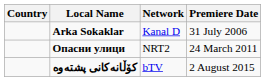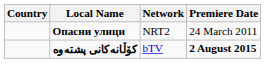 <table class="wikitable">
 <tr>
 <th>Country</th>
 <th>Local Name</th>
 <th>Network</th>
 <th>Premiere Date</th>
-</tr>
-<tr>
-<td></td>
-<td><strong>Arka Sokaklar</strong></td>
-<td><a href='#'>Kanal D</a></td>
-<td>31 July 2006</td>
 </tr>
 <tr>
 <td></td>
 <td><strong>Опасни улици</strong></td>
 <td>NRT2</td>
 <td>24 March 2011</td>
 </tr>
 <tr>
 <td></td>
 <td><strong>كۆڵانه‌كانى پشته‌وه‌</strong></td>
 <td><a href='#'>bTV</a></td>
-<td>2 August 2015</td>
+<td><strong>2 August 2015</strong></td>
 </tr>
 </table>
